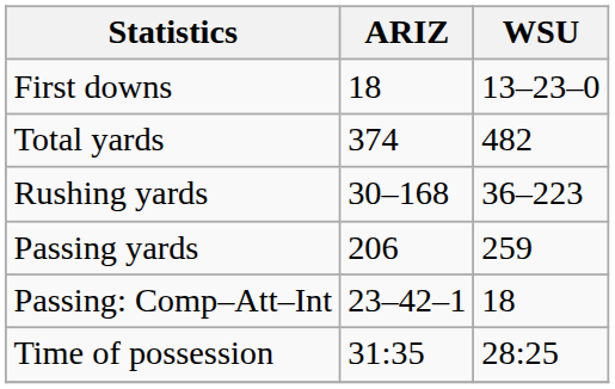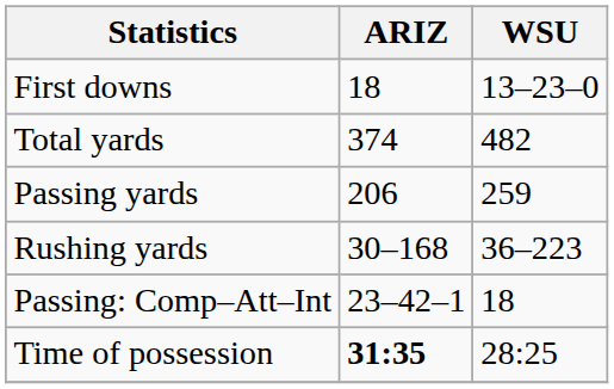 <table class="wikitable" style="float: left;">
 <tr>
 <th>Statistics</th>
 <th>ARIZ</th>
 <th>WSU</th>
 </tr>
 <tr>
 <td>First downs</td>
 <td>18</td>
 <td>13–23–0</td>
 </tr>
 <tr>
 <td>Total yards</td>
 <td>374</td>
 <td>482</td>
 </tr>
 <tr>
+<td>Passing yards</td>
+<td>206</td>
+<td>259</td>
+</tr>
+<tr>
 <td>Rushing yards</td>
 <td>30–168</td>
 <td>36–223</td>
-</tr>
-<tr>
-<td>Passing yards</td>
-<td>206</td>
-<td>259</td>
 </tr>
 <tr>
 <td>Passing: Comp–Att–Int</td>
 <td>23–42–1</td>
 <td>18</td>
 </tr>
 <tr>
 <td>Time of possession</td>
-<td>31:35</td>
+<td><strong>31:35</strong></td>
 <td>28:25</td>
 </tr>
 <tr>
 </tr>
 </table>
